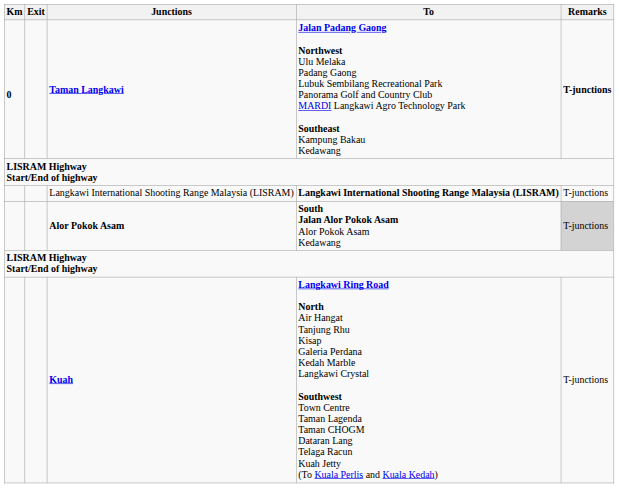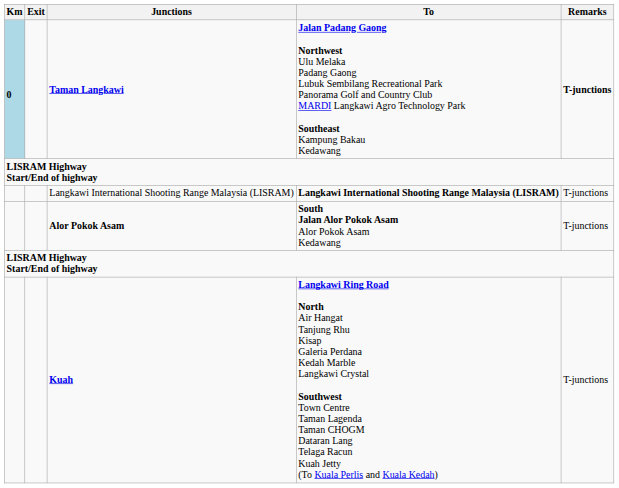 <table class="wikitable">
 <tr>
 <th>Km</th>
 <th>Exit</th>
 <th>Junctions</th>
 <th>To</th>
 <th>Remarks</th>
 </tr>
 <tr>
-<td><br><strong>0</strong></td>
+<td style="background: lightblue;"><br><strong>0</strong></td>
 <td></td>
 <td><strong><a href='#'>Taman Langkawi</a></strong></td>
 <td> <strong><a href='#'>Jalan Padang Gaong</a></strong><br><br><strong>Northwest</strong><br> Ulu Melaka<br> Padang Gaong<br>Lubuk Sembilang Recreational Park<br>Panorama Golf and Country Club<br><a href='#'>MARDI</a> Langkawi Agro Technology Park<br><br><strong>Southeast</strong><br> Kampung Bakau<br> Kedawang</td>
 <td><strong>T-junctions</strong></td>
 </tr>
 <tr>
 <td style="width:600px" colspan="6" style="text-align:center; background:blue;"><strong><span> LISRAM Highway<br>Start/End of highway</span></strong></td>
 </tr>
 <tr>
 <td></td>
 <td></td>
 <td>Langkawi International Shooting Range Malaysia (LISRAM)</td>
 <td><strong>Langkawi International Shooting Range Malaysia (LISRAM)</strong></td>
 <td>T-junctions</td>
 </tr>
 <tr>
 <td></td>
 <td></td>
 <td><strong>Alor Pokok Asam</strong></td>
 <td><strong>South</strong><br> <strong>Jalan Alor Pokok Asam</strong><br> Alor Pokok Asam<br> Kedawang</td>
-<td style="background: lightgrey;">T-junctions</td>
+<td>T-junctions</td>
 </tr>
 <tr>
 <td style="width:600px" colspan="6" style="text-align:center; background:blue;"><strong><span> LISRAM Highway<br>Start/End of highway</span></strong></td>
 </tr>
 <tr>
 <td></td>
 <td></td>
 <td><strong><a href='#'>Kuah</a></strong></td>
 <td> <strong><a href='#'>Langkawi Ring Road</a></strong><br><br><strong>North</strong><br> Air Hangat<br> Tanjung Rhu<br> Kisap<br>Galeria Perdana<br>Kedah Marble<br>Langkawi Crystal<br><br><strong>Southwest</strong><br> Town Centre<br>Taman Lagenda<br>Taman CHOGM<br>Dataran Lang<br>Telaga Racun<br>Kuah Jetty<br>(To <a href='#'>Kuala Perlis</a> and <a href='#'>Kuala Kedah</a>)</td>
 <td>T-junctions</td>
 </tr>
 </table>
